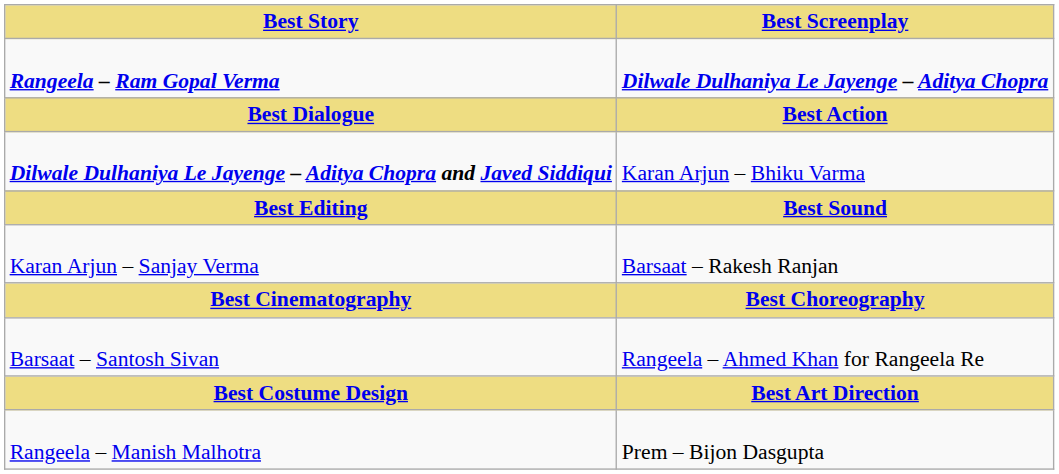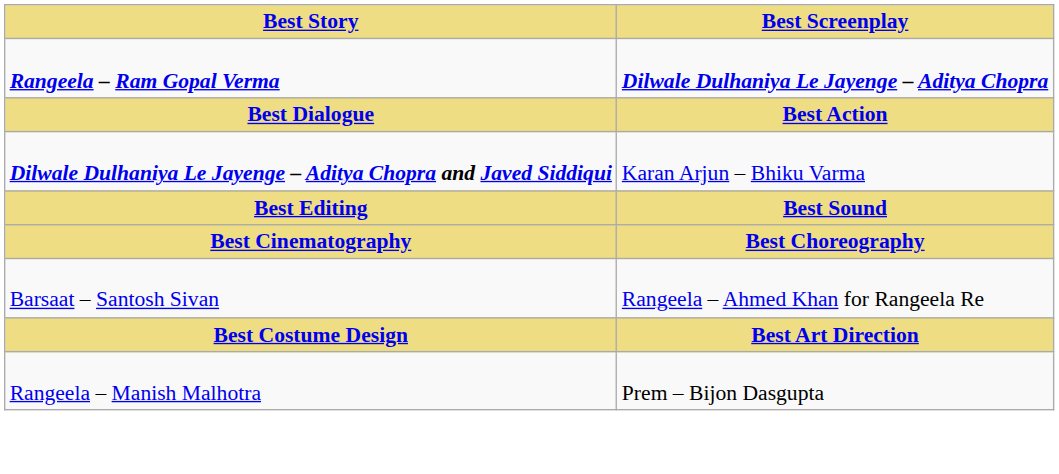 <table class="wikitable">
 <tr>
 <th ! style="background:#EEDD82;text-align:center;"><a href='#'>Best Story</a></th>
 <th ! style="background:#eedd82; text-align:center;"><a href='#'>Best Screenplay</a></th>
 </tr>
 <tr>
 <td valign="top"><br><strong> <em><a href='#'>Rangeela</a> – <a href='#'>Ram Gopal Verma</a></em> </strong></td>
 <td valign="top"><br><strong> <em><a href='#'>Dilwale Dulhaniya Le Jayenge</a> – <a href='#'>Aditya Chopra</a></em> </strong></td>
 </tr>
 <tr>
 <th ! style="background:#EEDD82;text-align:center;"><a href='#'>Best Dialogue</a></th>
 <th ! style="background:#eedd82; text-align:center;"><a href='#'>Best Action</a></th>
 </tr>
 <tr>
 <td valign="top"><br><strong> <em><a href='#'>Dilwale Dulhaniya Le Jayenge</a> – <a href='#'>Aditya Chopra</a> and <a href='#'>Javed Siddiqui</a><strong><em></td>
 <td valign="top"><br></strong> </em><a href='#'>Karan Arjun</a> – <a href='#'>Bhiku Varma</a><em> <strong></td>
 </tr>
 <tr>
 <th ! style="background:#EEDD82;text-align:center;"><a href='#'>Best Editing</a></th>
 <th ! style="background:#eedd82; text-align:center;"><a href='#'>Best Sound</a></th>
 </tr>
 <tr>
-<td valign="top"><br></strong> </em><a href='#'>Karan Arjun</a> – <a href='#'>Sanjay Verma</a><em> <strong></td>
-<td valign="top"><br></strong> </em><a href='#'>Barsaat</a> – Rakesh Ranjan<em> <strong></td>
-</tr>
-<tr>
 <th ! style="background:#EEDD82;text-align:center;"><a href='#'>Best Cinematography</a></th>
 <th ! style="background:#eedd82; text-align:center;"><a href='#'>Best Choreography</a></th>
 </tr>
 <tr>
 <td valign="top"><br></strong> </em><a href='#'>Barsaat</a> – <a href='#'>Santosh Sivan</a><em> <strong></td>
 <td valign="top"><br></strong> </em><a href='#'>Rangeela</a> – <a href='#'>Ahmed Khan</a> for Rangeela Re<em> <strong></td>
 </tr>
 <tr>
 <th ! style="background:#EEDD82;text-align:center;"><a href='#'>Best Costume Design</a></th>
 <th ! style="background:#EEDD82;text-align:center;"><a href='#'>Best Art Direction</a></th>
 </tr>
 <tr>
 <td valign="top"><br></strong> </em><a href='#'>Rangeela</a> – <a href='#'>Manish Malhotra</a><em> <strong></td>
 <td valign="top"><br></strong> </em>Prem – Bijon Dasgupta<em> <strong></td>
 </tr>
 </table>
